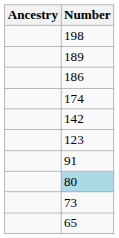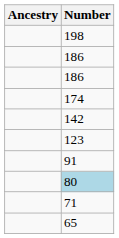 <table style="float: right; margin: 3em;" class="wikitable sortable">
 <tr>
 <th>Ancestry</th>
 <th>Number</th>
 </tr>
 <tr>
 <td></td>
 <td>198</td>
 </tr>
 <tr>
 <td></td>
-<td>189</td>
+<td>186</td>
 </tr>
 <tr>
 <td></td>
 <td>186</td>
 </tr>
 <tr>
 <td></td>
 <td>174</td>
 </tr>
 <tr>
 <td></td>
 <td>142</td>
 </tr>
 <tr>
 <td></td>
 <td>123</td>
 </tr>
 <tr>
 <td></td>
 <td>91</td>
 </tr>
 <tr>
 <td></td>
 <td style="background: lightblue;">80</td>
 </tr>
 <tr>
 <td></td>
-<td>73</td>
+<td>71</td>
 </tr>
 <tr>
 <td></td>
 <td>65</td>
 </tr>
 </table>
